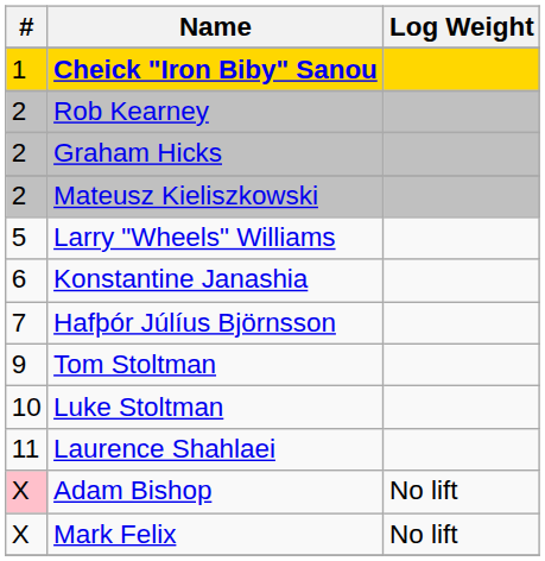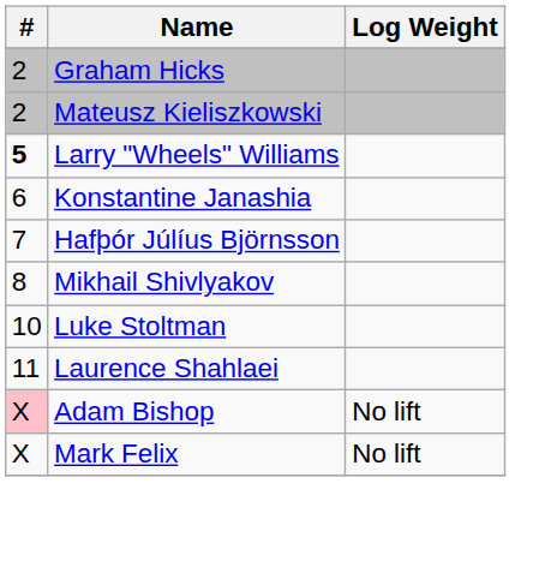 <table class="wikitable" style="display: inline-table">
 <tr>
 <th>#</th>
 <th>Name</th>
 <th>Log Weight</th>
 </tr>
 <tr>
 </tr>
-<tr style="background:gold;">
-<td>1</td>
-<td> <strong><a href='#'>Cheick "Iron Biby" Sanou</a></strong></td>
-<td></td>
-</tr>
 <tr>
-</tr>
-<tr style="background:silver;">
-<td>2</td>
-<td> <a href='#'>Rob Kearney</a></td>
-<td></td>
 </tr>
 <tr>
 </tr>
 <tr style="background:silver;">
 <td>2</td>
 <td> <a href='#'>Graham Hicks</a></td>
 <td></td>
 </tr>
 <tr>
 </tr>
 <tr style="background:silver;">
 <td>2</td>
 <td> <a href='#'>Mateusz Kieliszkowski</a></td>
 <td></td>
 </tr>
 <tr>
-<td>5</td>
+<td><strong>5</strong></td>
 <td> <a href='#'>Larry "Wheels" Williams</a></td>
 <td></td>
 </tr>
 <tr>
 <td>6</td>
 <td> <a href='#'>Konstantine Janashia</a></td>
 <td></td>
 </tr>
 <tr>
 <td>7</td>
 <td> <a href='#'>Hafþór Júlíus Björnsson</a></td>
 <td></td>
 </tr>
 <tr>
-<td>9</td>
-<td> <a href='#'>Tom Stoltman</a></td>
+<td>8</td>
+<td> <a href='#'>Mikhail Shivlyakov</a></td>
 <td></td>
 </tr>
 <tr>
 <td>10</td>
 <td> <a href='#'>Luke Stoltman</a></td>
 <td></td>
 </tr>
 <tr>
 <td>11</td>
 <td> <a href='#'>Laurence Shahlaei</a></td>
 <td></td>
 </tr>
 <tr>
 <td style="background: pink;">X</td>
 <td> <a href='#'>Adam Bishop</a></td>
 <td>No lift</td>
 </tr>
 <tr>
 <td>X</td>
 <td> <a href='#'>Mark Felix</a></td>
 <td>No lift</td>
 </tr>
 <tr>
 </tr>
 </table>
